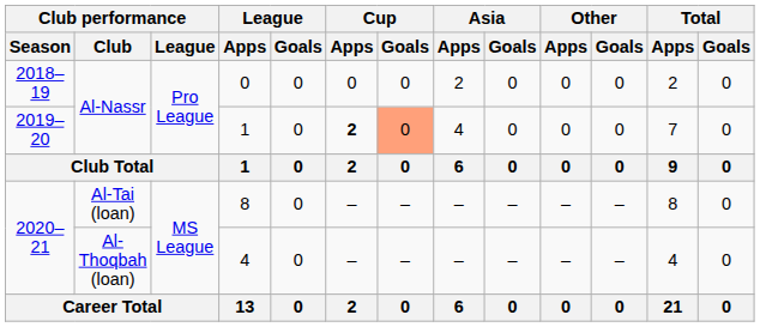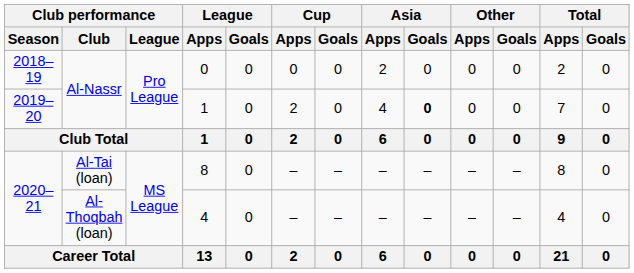 <table class="wikitable" style="text-align:center">
 <tr>
 <th colspan=3>Club performance</th>
 <th colspan=2>League</th>
 <th colspan=2>Cup</th>
 <th colspan=2>Asia</th>
 <th colspan=2>Other</th>
 <th colspan=2>Total</th>
 </tr>
 <tr>
 <th>Season</th>
 <th>Club</th>
 <th>League</th>
 <th>Apps</th>
 <th>Goals</th>
 <th>Apps</th>
 <th>Goals</th>
 <th>Apps</th>
 <th>Goals</th>
 <th>Apps</th>
 <th>Goals</th>
 <th>Apps</th>
 <th>Goals</th>
 </tr>
 <tr>
 <td><a href='#'>2018–19</a></td>
 <td rowspan=2><a href='#'>Al-Nassr</a></td>
 <td rowspan=2><a href='#'>Pro League</a></td>
 <td>0</td>
 <td>0</td>
 <td>0</td>
 <td>0</td>
 <td>2</td>
 <td>0</td>
 <td>0</td>
 <td>0</td>
 <td>2</td>
 <td>0</td>
 </tr>
 <tr>
 <td><a href='#'>2019–20</a></td>
 <td>1</td>
 <td>0</td>
-<td><strong>2</strong></td>
-<td style="background: lightsalmon;">0</td>
+<td>2</td>
+<td>0</td>
 <td>4</td>
-<td>0</td>
+<td><strong>0</strong></td>
 <td>0</td>
 <td>0</td>
 <td>7</td>
 <td>0</td>
 </tr>
 <tr>
 <th colspan=3>Club Total</th>
 <th>1</th>
 <th>0</th>
 <th>2</th>
 <th>0</th>
 <th>6</th>
 <th>0</th>
 <th>0</th>
 <th>0</th>
 <th>9</th>
 <th>0</th>
 </tr>
 <tr>
 <td rowspan=2><a href='#'>2020–21</a></td>
 <td><a href='#'>Al-Tai</a> (loan)</td>
 <td rowspan=2><a href='#'>MS League</a></td>
 <td>8</td>
 <td>0</td>
 <td>–</td>
 <td>–</td>
 <td>–</td>
 <td>–</td>
 <td>–</td>
 <td>–</td>
 <td>8</td>
 <td>0</td>
 </tr>
 <tr>
 <td><a href='#'>Al-Thoqbah</a> (loan)</td>
 <td>4</td>
 <td>0</td>
 <td>–</td>
 <td>–</td>
 <td>–</td>
 <td>–</td>
 <td>–</td>
 <td>–</td>
 <td>4</td>
 <td>0</td>
 </tr>
 <tr>
 <th colspan=3>Career Total</th>
 <th>13</th>
 <th>0</th>
 <th>2</th>
 <th>0</th>
 <th>6</th>
 <th>0</th>
 <th>0</th>
 <th>0</th>
 <th>21</th>
 <th>0</th>
 </tr>
 </table>
